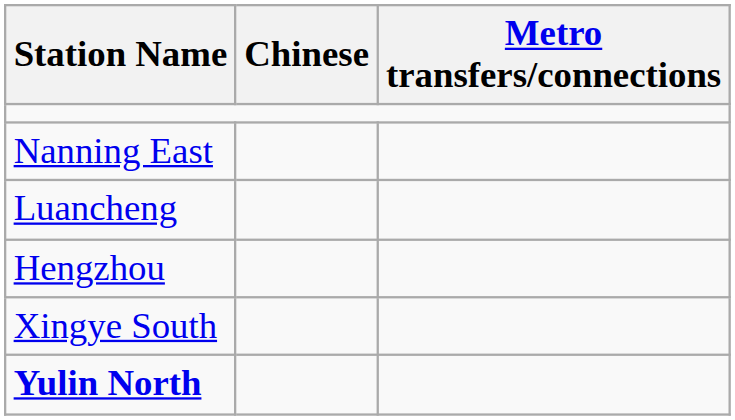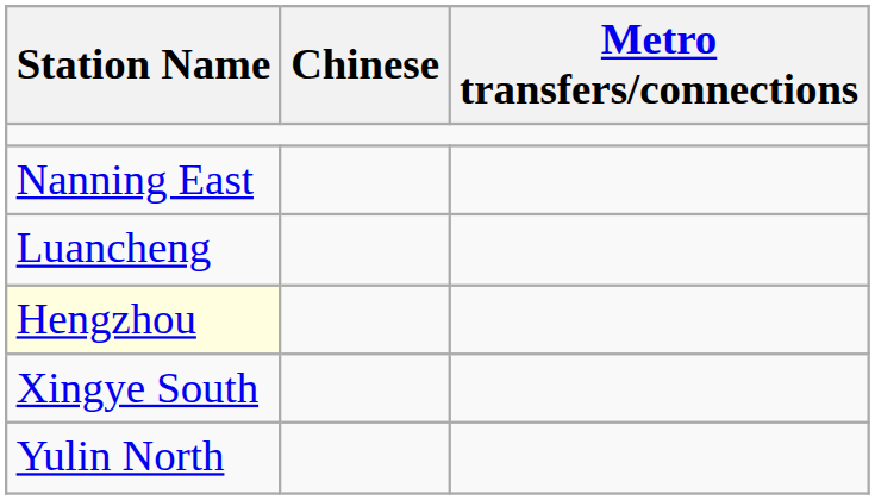 <table class="wikitable">
 <tr>
 <th>Station Name</th>
 <th>Chinese<br></th>
 <th><a href='#'>Metro</a><br>transfers/connections<br> </th>
 </tr>
 <tr style="background:#">
 <td colspan = "11"></td>
 </tr>
 <tr>
 <td><a href='#'>Nanning East</a></td>
 <td></td>
 <td> </td>
 </tr>
 <tr>
 <td><a href='#'>Luancheng</a></td>
 <td></td>
 <td></td>
 </tr>
 <tr>
-<td><a href='#'>Hengzhou</a></td>
+<td style="background: lightyellow;"><a href='#'>Hengzhou</a></td>
 <td></td>
 <td></td>
 </tr>
 <tr>
 <td><a href='#'>Xingye South</a></td>
 <td></td>
 <td></td>
 </tr>
 <tr>
-<td><strong><a href='#'>Yulin North</a></strong></td>
+<td><a href='#'>Yulin North</a></td>
 <td></td>
 <td></td>
 </tr>
 </table>
